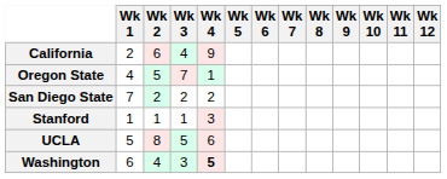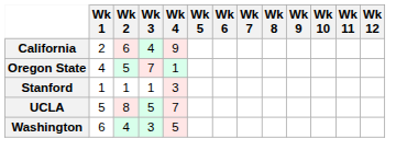 <table class="wikitable" style="white-space:nowrap;font-size:90%;text-align:center;">
 <tr>
 <th style="background:white; border-top-style:hidden; border-left-style:hidden;"> </th>
 <th>Wk<br> 1</th>
 <th>Wk<br>2</th>
 <th>Wk<br>3</th>
 <th>Wk<br>4</th>
 <th>Wk<br>5</th>
 <th>Wk<br>6</th>
 <th>Wk<br>7</th>
 <th>Wk<br>8</th>
 <th>Wk<br>9</th>
 <th>Wk<br>10</th>
 <th>Wk<br>11</th>
 <th>Wk<br>12</th>
 </tr>
 <tr>
 <th>California</th>
 <td style="background:#FFF;">2</td>
 <td style="background:#ffe6e6;">6</td>
 <td style="background:#d8ffeb;">4</td>
 <td style="background:#ffe6e6;">9</td>
 <td style="background:#FFF;"></td>
 <td style="background:#FFF;"></td>
 <td style="background:#FFF;"></td>
 <td style="background:#FFF;"></td>
 <td style="background:#FFF;"></td>
 <td style="background:#FFF;"></td>
 <td style="background:#FFF;"></td>
 <td style="background:#FFF;"></td>
 </tr>
 <tr>
 <th>Oregon State</th>
 <td style="background:#FFF;">4</td>
 <td style="background:#d8ffeb;">5</td>
 <td style="background:#ffe6e6;">7</td>
 <td style="background:#d8ffeb;">1</td>
 <td style="background:#FFF;"></td>
 <td style="background:#FFF;"></td>
 <td style="background:#FFF;"></td>
 <td style="background:#FFF;"></td>
 <td style="background:#FFF;"></td>
 <td style="background:#FFF;"></td>
 <td style="background:#FFF;"></td>
 <td style="background:#FFF;"></td>
 </tr>
 <tr>
-<th>San Diego State</th>
-<td style="background:#FFF;">7</td>
-<td style="background:#d8ffeb;">2</td>
-<td style="background:#FFF;">2</td>
-<td style="background:#FFF;">2</td>
-<td style="background:#FFF;"></td>
-<td style="background:#FFF;"></td>
-<td style="background:#FFF;"></td>
-<td style="background:#FFF;"></td>
-<td style="background:#FFF;"></td>
-<td style="background:#FFF;"></td>
-<td style="background:#FFF;"></td>
-<td style="background:#FFF;"></td>
-</tr>
-<tr>
 <th>Stanford</th>
 <td style="background:#FFF;">1</td>
 <td style="background:#FFF;">1</td>
 <td style="background:#FFF;">1</td>
 <td style="background:#ffe6e6;">3</td>
 <td style="background:#FFF;"></td>
 <td style="background:#FFF;"></td>
 <td style="background:#FFF;"></td>
 <td style="background:#FFF;"></td>
 <td style="background:#FFF;"></td>
 <td style="background:#FFF;"></td>
 <td style="background:#FFF;"></td>
 <td style="background:#FFF;"></td>
 </tr>
 <tr>
 <th>UCLA</th>
 <td style="background:#FFF;">5</td>
 <td style="background:#ffe6e6;">8</td>
 <td style="background:#d8ffeb;">5</td>
-<td style="background:#ffe6e6;">6</td>
+<td style="background:#ffe6e6;">7</td>
 <td style="background:#FFF;"></td>
 <td style="background:#FFF;"></td>
 <td style="background:#FFF;"></td>
 <td style="background:#FFF;"></td>
 <td style="background:#FFF;"></td>
 <td style="background:#FFF;"></td>
 <td style="background:#FFF;"></td>
 <td style="background:#FFF;"></td>
 </tr>
 <tr>
 <th>Washington</th>
 <td style="background:#FFF;">6</td>
 <td style="background:#d8ffeb;">4</td>
 <td style="background:#d8ffeb;">3</td>
-<td style="background:#ffe6e6;"><strong>5</strong></td>
+<td style="background:#ffe6e6;">5</td>
 <td style="background:#FFF;"></td>
 <td style="background:#FFF;"></td>
 <td style="background:#FFF;"></td>
 <td style="background:#FFF;"></td>
 <td style="background:#FFF;"></td>
 <td style="background:#FFF;"></td>
 <td style="background:#FFF;"></td>
 <td style="background:#FFF;"></td>
 </tr>
 </table>
